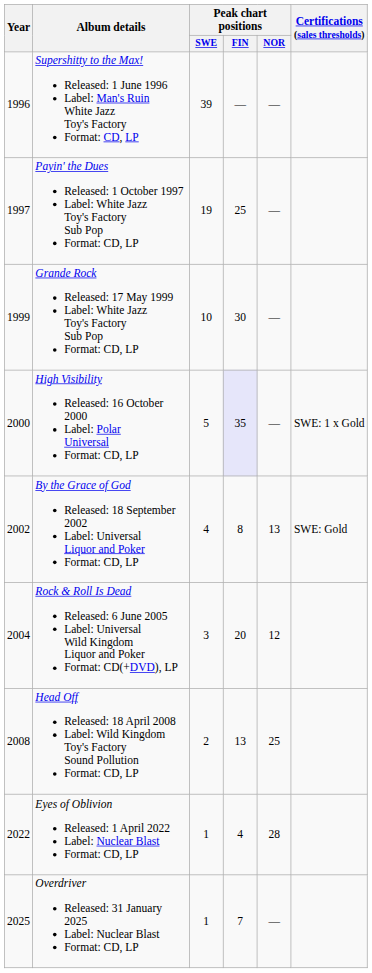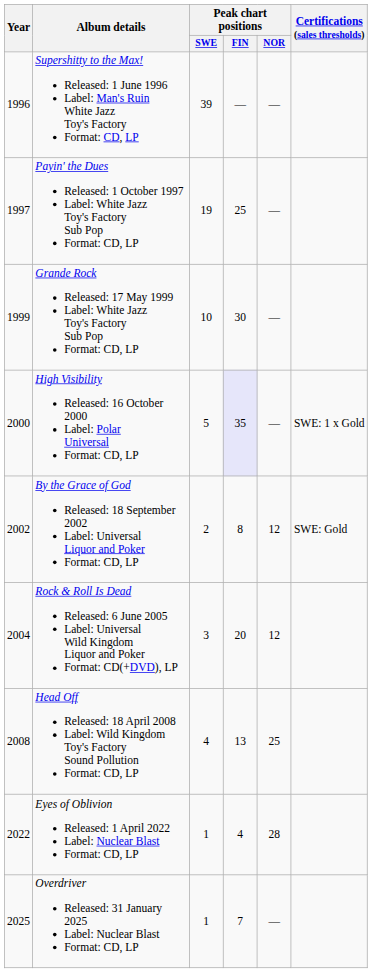 <table class="wikitable" border="1">
 <tr>
 <th scope="col" rowspan="2">Year</th>
 <th scope="col" rowspan="2" width="210">Album details</th>
 <th scope="col" colspan="3">Peak chart positions</th>
 <th scope="col" rowspan="2"><a href='#'>Certifications</a><br><small>(<a href='#'>sales thresholds</a>)</small></th>
 </tr>
 <tr>
 <th scope="col" style="width:3em;font-size:85%"><a href='#'>SWE</a><br> </th>
 <th scope="col" style="width:3em;font-size:85%"><a href='#'>FIN</a><br> </th>
 <th scope="col" style="width:3em;font-size:85%"><a href='#'>NOR</a><br> </th>
 </tr>
 <tr>
 <td>1996</td>
 <td><em><a href='#'>Supershitty to the Max!</a></em><br><ul><li>Released: 1 June 1996</li><li>Label: <a href='#'>Man's Ruin</a><br> White Jazz<br> Toy's Factory</li><li>Format: <a href='#'>CD</a>, <a href='#'>LP</a></li></ul></td>
 <td align="center">39</td>
 <td align="center">—</td>
 <td align="center">—</td>
 <td></td>
 </tr>
 <tr>
 <td>1997</td>
 <td><em><a href='#'>Payin' the Dues</a></em><br><ul><li>Released: 1 October 1997</li><li>Label: White Jazz<br> Toy's Factory<br> Sub Pop</li><li>Format: CD, LP</li></ul></td>
 <td align="center">19</td>
 <td align="center">25</td>
 <td align="center">—</td>
 <td></td>
 </tr>
 <tr>
 <td>1999</td>
 <td><em><a href='#'>Grande Rock</a></em><br><ul><li>Released: 17 May 1999</li><li>Label: White Jazz<br> Toy's Factory<br> Sub Pop</li><li>Format: CD, LP</li></ul></td>
 <td align="center">10</td>
 <td align="center">30</td>
 <td align="center">—</td>
 <td></td>
 </tr>
 <tr>
 <td>2000</td>
 <td><em><a href='#'>High Visibility</a></em><br><ul><li>Released: 16 October 2000</li><li>Label: <a href='#'>Polar</a><br> <a href='#'>Universal</a></li><li>Format: CD, LP</li></ul></td>
 <td align="center">5</td>
 <td align="center" style="background: lavender;">35</td>
 <td align="center">—</td>
 <td>SWE: 1 x Gold</td>
 </tr>
 <tr>
 <td>2002</td>
 <td><em><a href='#'>By the Grace of God</a></em><br><ul><li>Released: 18 September 2002</li><li>Label: Universal<br> <a href='#'>Liquor and Poker</a></li><li>Format: CD, LP</li></ul></td>
-<td align="center">4</td>
+<td align="center">2</td>
 <td align="center">8</td>
-<td align="center">13</td>
+<td align="center">12</td>
 <td>SWE: Gold</td>
 </tr>
 <tr>
 <td>2004</td>
 <td><em><a href='#'>Rock & Roll Is Dead</a></em><br><ul><li>Released: 6 June 2005</li><li>Label: Universal<br> Wild Kingdom<br> Liquor and Poker</li><li>Format: CD(+<a href='#'>DVD</a>), LP</li></ul></td>
 <td align="center">3</td>
 <td align="center">20</td>
 <td align="center">12</td>
 <td></td>
 </tr>
 <tr>
 <td>2008</td>
 <td><em><a href='#'>Head Off</a></em><br><ul><li>Released: 18 April 2008</li><li>Label: Wild Kingdom<br> Toy's Factory<br> Sound Pollution</li><li>Format: CD, LP</li></ul></td>
-<td align="center">2</td>
+<td align="center">4</td>
 <td align="center">13</td>
 <td align="center">25</td>
 <td></td>
 </tr>
 <tr>
 <td>2022</td>
 <td><em>Eyes of Oblivion</em><br><ul><li>Released: 1 April 2022</li><li>Label: <a href='#'>Nuclear Blast</a></li><li>Format: CD, LP</li></ul></td>
 <td align="center">1</td>
 <td align="center">4</td>
 <td align="center">28</td>
 <td></td>
 </tr>
 <tr>
 <td>2025</td>
 <td><em>Overdriver</em><br><ul><li>Released: 31 January 2025</li><li>Label: Nuclear Blast</li><li>Format: CD, LP</li></ul></td>
 <td align="center">1<br></td>
 <td align="center">7<br></td>
 <td align="center">—</td>
 <td></td>
 </tr>
 </table>
